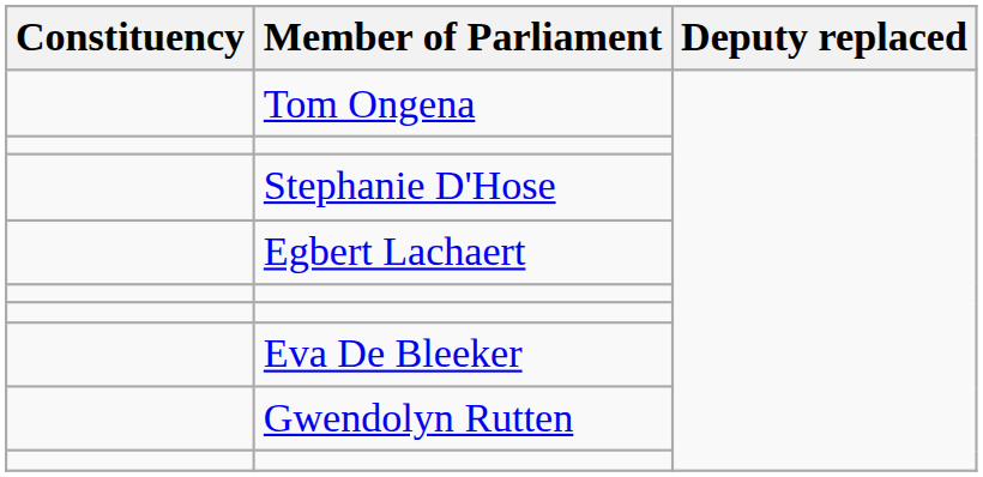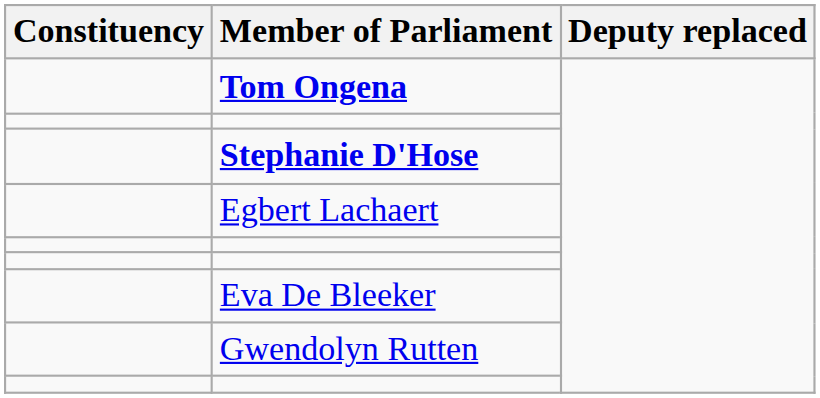 <table class="wikitable">
 <tr>
 <th>Constituency</th>
 <th>Member of Parliament</th>
 <th>Deputy replaced</th>
 </tr>
 <tr>
 <td></td>
-<td><a href='#'>Tom Ongena</a></td>
+<td><strong><a href='#'>Tom Ongena</a></strong></td>
 <td rowspan="9"></td>
 </tr>
 <tr>
 <td></td>
 <td></td>
 </tr>
 <tr>
 <td></td>
-<td><a href='#'>Stephanie D'Hose</a></td>
+<td><strong><a href='#'>Stephanie D'Hose</a></strong></td>
 </tr>
 <tr>
 <td></td>
 <td><a href='#'>Egbert Lachaert</a></td>
 </tr>
 <tr>
 <td></td>
 <td></td>
 </tr>
 <tr>
 <td></td>
 <td></td>
 </tr>
 <tr>
 <td></td>
 <td><a href='#'>Eva De Bleeker</a></td>
 </tr>
 <tr>
 <td></td>
 <td><a href='#'>Gwendolyn Rutten</a></td>
 </tr>
 <tr>
 <td></td>
 <td></td>
 </tr>
 </table>
